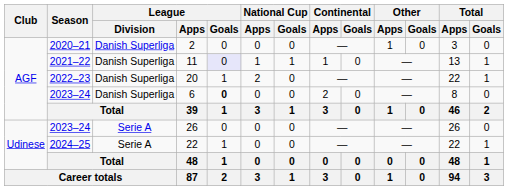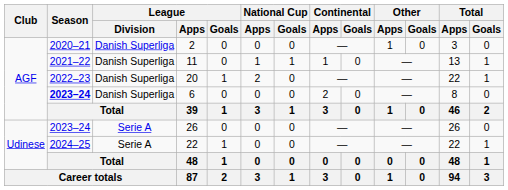 <table class="wikitable" style="text-align:center">
 <tr>
 <th rowspan="2">Club</th>
 <th rowspan="2">Season</th>
 <th colspan="3">League</th>
 <th colspan="2">National Cup</th>
 <th colspan="2">Continental</th>
 <th colspan="2">Other</th>
 <th colspan="2">Total</th>
 </tr>
 <tr>
 <th>Division</th>
 <th>Apps</th>
 <th>Goals</th>
 <th>Apps</th>
 <th>Goals</th>
 <th>Apps</th>
 <th>Goals</th>
 <th>Apps</th>
 <th>Goals</th>
 <th>Apps</th>
 <th>Goals</th>
 </tr>
 <tr>
 <td rowspan="5"><a href='#'>AGF</a></td>
 <td><a href='#'>2020–21</a></td>
 <td><a href='#'>Danish Superliga</a></td>
 <td>2</td>
 <td>0</td>
 <td>0</td>
 <td>0</td>
 <td colspan="2">—</td>
 <td>1</td>
 <td>0</td>
 <td>3</td>
 <td>0</td>
 </tr>
 <tr>
 <td><a href='#'>2021–22</a></td>
 <td>Danish Superliga</td>
 <td>11</td>
-<td style="background: lavender;">0</td>
+<td>0</td>
 <td>1</td>
 <td>1</td>
 <td>1</td>
 <td>0</td>
 <td colspan="2">—</td>
 <td>13</td>
 <td>1</td>
 </tr>
 <tr>
 <td><a href='#'>2022–23</a></td>
 <td>Danish Superliga</td>
 <td>20</td>
 <td>1</td>
 <td>2</td>
 <td>0</td>
 <td colspan="2">—</td>
 <td colspan="2">—</td>
 <td>22</td>
 <td>1</td>
 </tr>
 <tr>
-<td><a href='#'>2023–24</a></td>
+<td><strong><a href='#'>2023–24</a></strong></td>
 <td>Danish Superliga</td>
 <td>6</td>
-<td><strong>0</strong></td>
+<td>0</td>
 <td>0</td>
 <td>0</td>
 <td>2</td>
 <td>0</td>
 <td colspan="2">—</td>
 <td>8</td>
 <td>0</td>
 </tr>
 <tr>
 <th colspan="2">Total</th>
 <th>39</th>
 <th>1</th>
 <th>3</th>
 <th>1</th>
 <th>3</th>
 <th>0</th>
 <th>1</th>
 <th>0</th>
 <th>46</th>
 <th>2</th>
 </tr>
 <tr>
 <td rowspan="3"><a href='#'>Udinese</a></td>
 <td><a href='#'>2023–24</a></td>
 <td><a href='#'>Serie A</a></td>
 <td>26</td>
 <td>0</td>
 <td>0</td>
 <td>0</td>
 <td colspan="2">—</td>
 <td colspan="2">—</td>
 <td>26</td>
 <td>0</td>
 </tr>
 <tr>
 <td><a href='#'>2024–25</a></td>
 <td>Serie A</td>
 <td>22</td>
 <td>1</td>
 <td>0</td>
 <td>0</td>
 <td colspan="2">—</td>
 <td colspan="2">—</td>
 <td>22</td>
 <td>1</td>
 </tr>
 <tr>
 <th colspan="2">Total</th>
 <th>48</th>
 <th>1</th>
 <th>0</th>
 <th>0</th>
 <th>0</th>
 <th>0</th>
 <th>0</th>
 <th>0</th>
 <th>48</th>
 <th>1</th>
 </tr>
 <tr>
 <th colspan="3">Career totals</th>
 <th>87</th>
 <th>2</th>
 <th>3</th>
 <th>1</th>
 <th>3</th>
 <th>0</th>
 <th>1</th>
 <th>0</th>
 <th>94</th>
 <th>3</th>
 </tr>
 </table>
